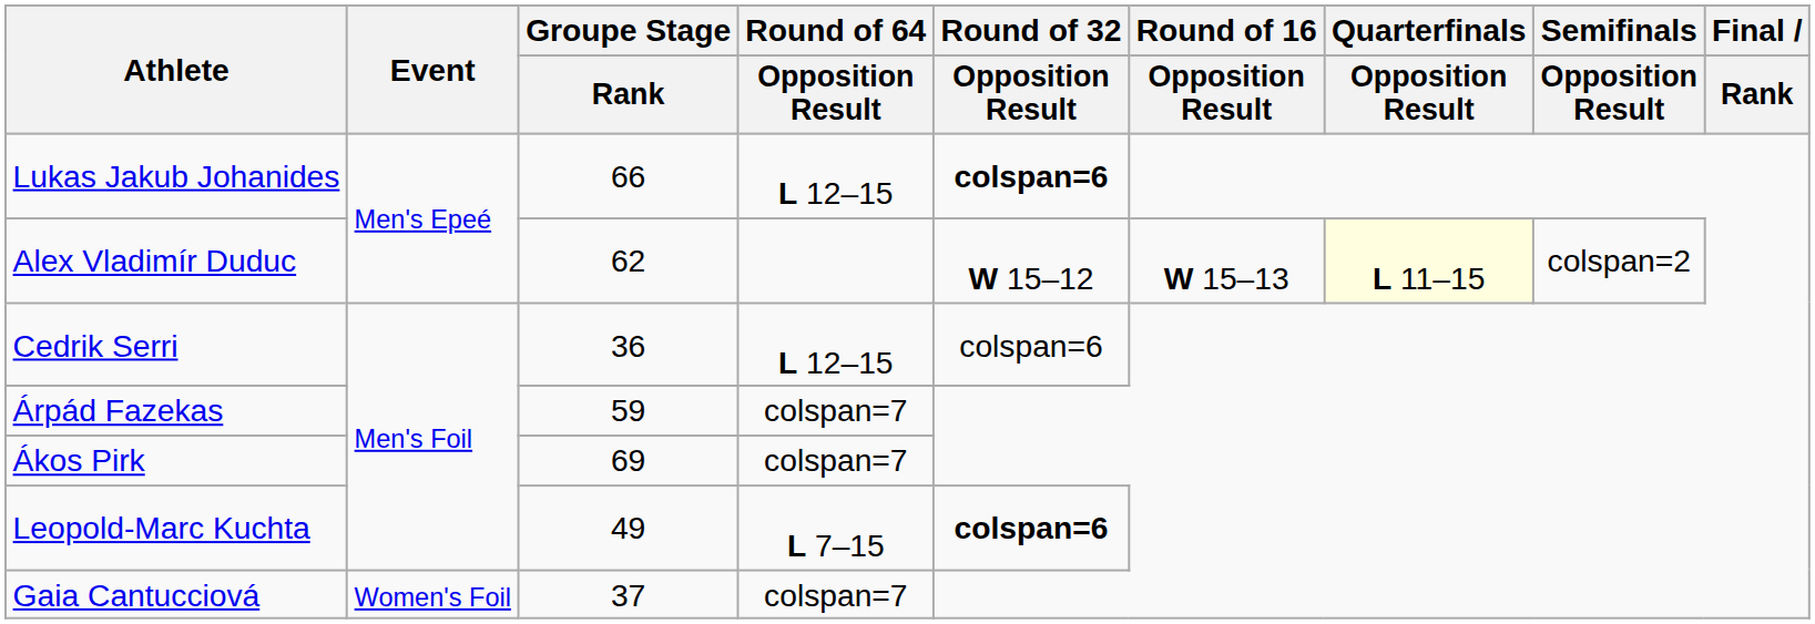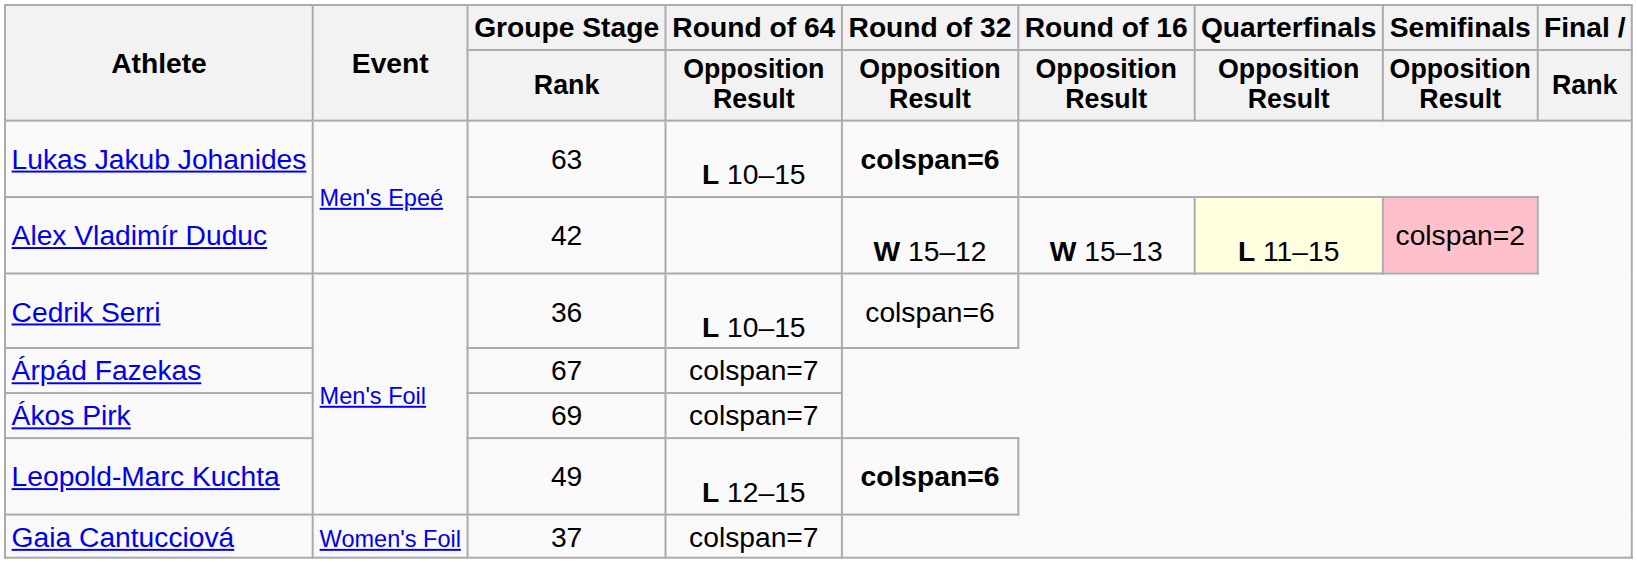 <table class=wikitable style="font-size:90%">
 <tr>
 <th rowspan="2">Athlete</th>
 <th rowspan="2">Event</th>
 <th>Groupe Stage</th>
 <th>Round of 64</th>
 <th>Round of 32</th>
 <th>Round of 16</th>
 <th>Quarterfinals</th>
 <th>Semifinals</th>
 <th colspan="2">Final / </th>
 </tr>
 <tr style="font-size:95%">
 <th>Rank</th>
 <th>Opposition<br>Result</th>
 <th>Opposition<br>Result</th>
 <th>Opposition<br>Result</th>
 <th>Opposition<br>Result</th>
 <th>Opposition<br>Result</th>
 <th>Rank</th>
 </tr>
 <tr align=center>
 <td align=left><a href='#'>Lukas Jakub Johanides</a></td>
 <td align=left rowspan=2><a href='#'><small>Men's Epeé</small></a></td>
-<td>66</td>
-<td><br><strong>L</strong> 12–15</td>
+<td>63</td>
+<td><br><strong>L</strong> 10–15</td>
 <td><strong>colspan=6 </strong></td>
 </tr>
 <tr align=center>
 <td align=left><a href='#'>Alex Vladimír Duduc</a></td>
-<td>62</td>
+<td>42</td>
 <td></td>
 <td><br><strong>W</strong> 15–12</td>
 <td><br><strong>W</strong> 15–13</td>
 <td style="background: lightyellow;"><br><strong>L</strong> 11–15</td>
-<td>colspan=2 </td>
+<td style="background: pink;">colspan=2 </td>
 </tr>
 <tr align=center>
 <td align=left><a href='#'>Cedrik Serri</a></td>
 <td align=left rowspan=4><a href='#'><small>Men's Foil</small></a></td>
 <td>36</td>
-<td><br><strong>L</strong> 12–15</td>
+<td><br><strong>L</strong> 10–15</td>
 <td>colspan=6 </td>
 </tr>
 <tr align=center>
 <td align=left><a href='#'>Árpád Fazekas</a></td>
-<td>59</td>
+<td>67</td>
 <td>colspan=7 </td>
 </tr>
 <tr align=center>
 <td align=left><a href='#'>Ákos Pirk</a></td>
 <td>69</td>
 <td>colspan=7 </td>
 </tr>
 <tr align=center>
 <td align=left><a href='#'>Leopold-Marc Kuchta</a></td>
 <td>49</td>
-<td><br><strong>L</strong> 7–15</td>
+<td><br><strong>L</strong> 12–15</td>
 <td><strong>colspan=6 </strong></td>
 </tr>
 <tr align=center>
 <td align=left><a href='#'>Gaia Cantucciová</a></td>
 <td align=left rowspan=2><a href='#'><small>Women's Foil</small></a></td>
 <td>37</td>
 <td>colspan=7 </td>
 </tr>
 </table>
